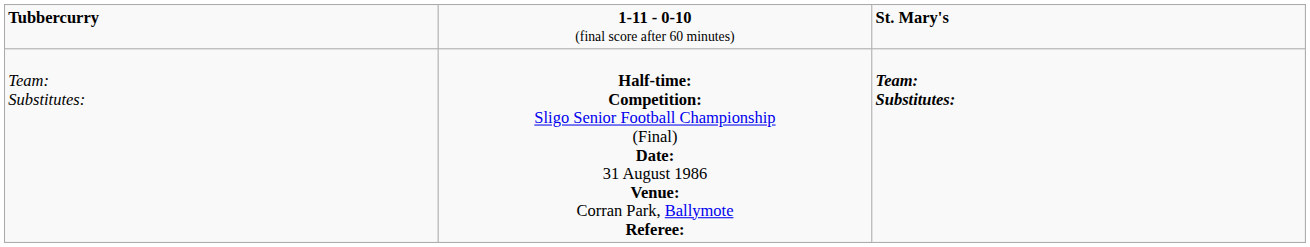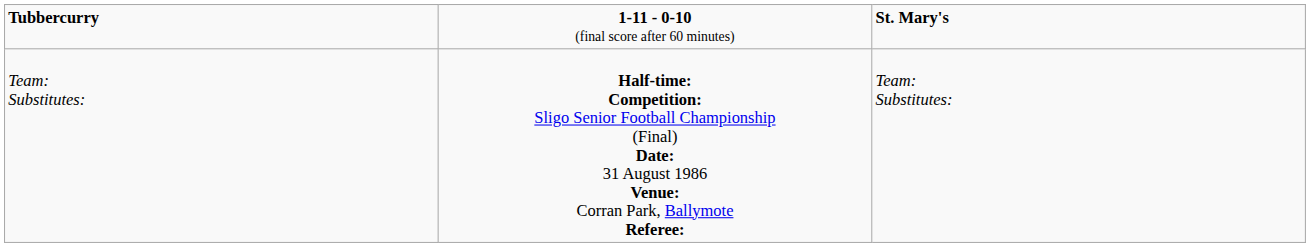 <table border=0 class="wikitable" width=100%>
 <tr>
 <td width=33% valign=top><span><strong>Tubbercurry</strong></span><br><small></small></td>
 <td width=33% valign=top align=center><span><strong>1-11 - 0-10</strong></span><br><small>(final score after 60 minutes)</small></td>
 <td width=33% valign=top><span><strong>St. Mary's</strong></span><br><small></small></td>
 </tr>
 <tr>
 <td valign=top><br><em>Team:</em> <br><em>Substitutes:</em> <br></td>
 <td valign=middle align=center><br><strong>Half-time:</strong><br><strong>Competition:</strong><br><a href='#'>Sligo Senior Football Championship</a><br>(Final)<br><strong>Date:</strong><br>31 August 1986<br><strong>Venue:</strong><br>Corran Park, <a href='#'>Ballymote</a><br><strong>Referee:</strong><br></td>
-<td valign=top><strong><br><em>Team:</em> <br><em>Substitutes:</em> <br></strong></td>
+<td valign=top><br><em>Team:</em> <br><em>Substitutes:</em> <br></td>
 </tr>
 </table>
